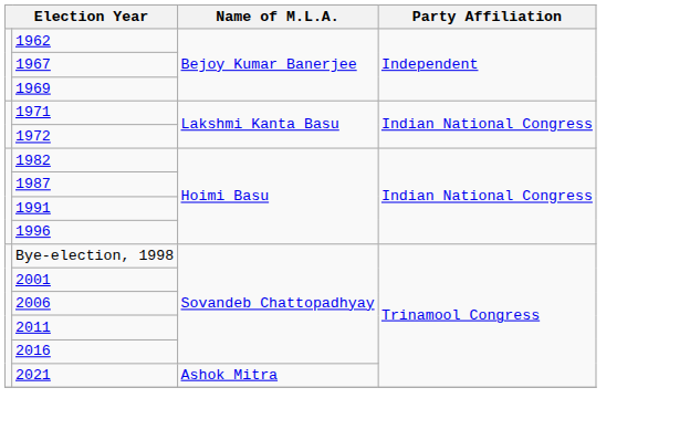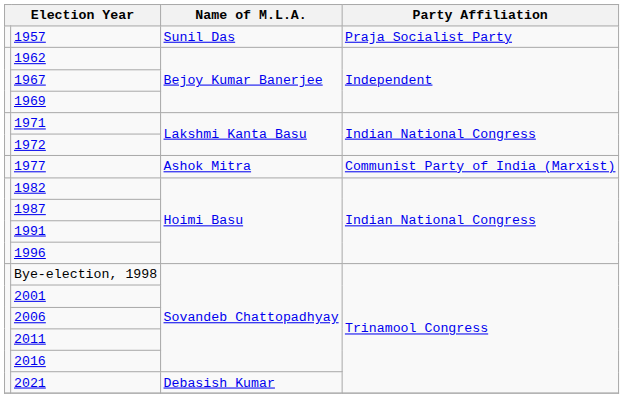 <table class="wikitable sortable">
 <tr>
 <th colspan="2">Election Year</th>
 <th>Name of M.L.A.</th>
 <th>Party Affiliation</th>
+</tr>
+<tr>
+<td style="background-color: "></td>
+<td><a href='#'>1957</a></td>
+<td><a href='#'>Sunil Das</a></td>
+<td><a href='#'>Praja Socialist Party</a></td>
 </tr>
 <tr>
 <td rowspan="3" style="background-color: "></td>
 <td><a href='#'>1962</a></td>
 <td rowspan="3"><a href='#'>Bejoy Kumar Banerjee</a></td>
 <td rowspan="3"><a href='#'>Independent</a></td>
 </tr>
 <tr>
 <td><a href='#'>1967</a></td>
 </tr>
 <tr>
 <td><a href='#'>1969</a></td>
 </tr>
 <tr>
 <td rowspan="2" style="background-color: "></td>
 <td><a href='#'>1971</a></td>
 <td rowspan="2"><a href='#'>Lakshmi Kanta Basu</a></td>
 <td rowspan="2"><a href='#'>Indian National Congress</a></td>
 </tr>
 <tr>
 <td><a href='#'>1972</a></td>
+</tr>
+<tr>
+<td style="background-color: "></td>
+<td><a href='#'>1977</a></td>
+<td><a href='#'>Ashok Mitra</a></td>
+<td><a href='#'>Communist Party of India (Marxist)</a></td>
 </tr>
 <tr>
 <td rowspan="4" style="background-color: "></td>
 <td><a href='#'>1982</a></td>
 <td rowspan="4"><a href='#'>Hoimi Basu</a></td>
 <td rowspan="4"><a href='#'>Indian National Congress</a></td>
 </tr>
 <tr>
 <td><a href='#'>1987</a></td>
 </tr>
 <tr>
 <td><a href='#'>1991</a></td>
 </tr>
 <tr>
 <td><a href='#'>1996</a></td>
 </tr>
 <tr>
 <td rowspan="6" style="background-color: "></td>
 <td By-election>Bye-election, 1998</td>
 <td rowspan="5"><a href='#'>Sovandeb Chattopadhyay</a></td>
 <td rowspan="6"><a href='#'>Trinamool Congress</a></td>
 </tr>
 <tr>
 <td><a href='#'>2001</a></td>
 </tr>
 <tr>
 <td><a href='#'>2006</a></td>
 </tr>
 <tr>
 <td><a href='#'>2011</a></td>
 </tr>
 <tr>
 <td><a href='#'>2016</a></td>
 </tr>
 <tr>
 <td><a href='#'>2021</a></td>
-<td><a href='#'>Ashok Mitra</a></td>
+<td><a href='#'>Debasish Kumar</a></td>
 </tr>
 <tr>
 </tr>
 </table>
